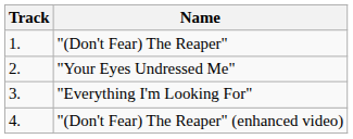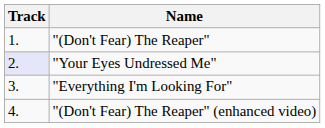 <table class="wikitable" border="1">
 <tr>
 <th>Track</th>
 <th>Name</th>
 </tr>
 <tr>
 <td>1.</td>
 <td>"(Don't Fear) The Reaper"</td>
 </tr>
 <tr>
-<td>2.</td>
+<td style="background: lavender;">2.</td>
 <td>"Your Eyes Undressed Me"</td>
 </tr>
 <tr>
 <td>3.</td>
 <td>"Everything I'm Looking For"</td>
 </tr>
 <tr>
 <td>4.</td>
 <td>"(Don't Fear) The Reaper" (enhanced video)</td>
 </tr>
 </table>
